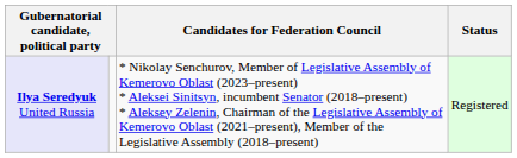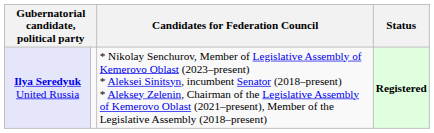 <table class="wikitable" style="text-align:center;">
 <tr>
 <th colspan="2">Gubernatorial candidate,<br>political party</th>
 <th>Candidates for Federation Council</th>
 <th>Status</th>
 </tr>
 <tr>
 <td style="background:lavender;"><strong><a href='#'>Ilya Seredyuk</a></strong><br><a href='#'>United Russia</a></td>
 <td style="background-color:"></td>
 <td align=left>* Nikolay Senchurov, Member of <a href='#'>Legislative Assembly of Kemerovo Oblast</a> (2023–present)<br> * <a href='#'>Aleksei Sinitsyn</a>, incumbent <a href='#'>Senator</a> (2018–present)<br> * <a href='#'>Aleksey Zelenin</a>, Chairman of the <a href='#'>Legislative Assembly of Kemerovo Oblast</a> (2021–present), Member of the Legislative Assembly (2018–present)</td>
-<td bgcolor="#DFFFDF">Registered</td>
+<td bgcolor="#DFFFDF"><strong>Registered</strong></td>
 </tr>
 </table>
